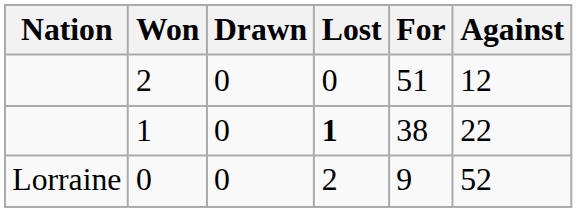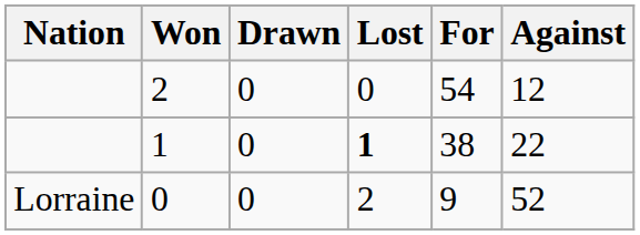 <table class="wikitable">
 <tr>
 <th>Nation</th>
 <th>Won</th>
 <th>Drawn</th>
 <th>Lost</th>
 <th>For</th>
 <th>Against</th>
 </tr>
 <tr>
 <td></td>
 <td>2</td>
 <td>0</td>
 <td>0</td>
-<td>51</td>
+<td>54</td>
 <td>12</td>
 </tr>
 <tr>
 <td></td>
 <td>1</td>
 <td>0</td>
 <td><strong>1</strong></td>
 <td>38</td>
 <td>22</td>
 </tr>
 <tr>
 <td>Lorraine</td>
 <td>0</td>
 <td>0</td>
 <td>2</td>
 <td>9</td>
 <td>52</td>
 </tr>
 </table>
